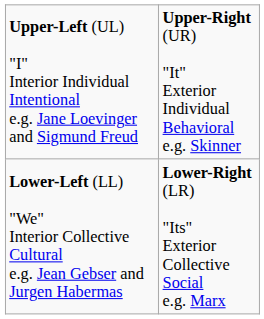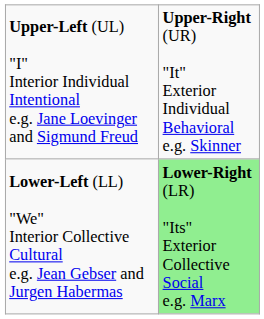 <table class="wikitable center"  style="float:right; width:250px;">
 <tr>
 <td><strong>Upper-Left</strong> (UL)<br><br>"I"<br> Interior Individual<br> <a href='#'>Intentional</a><br>e.g. <a href='#'>Jane Loevinger</a> and <a href='#'>Sigmund Freud</a></td>
 <td><strong>Upper-Right</strong> (UR)<br><br>"It"<br> Exterior Individual<br> <a href='#'>Behavioral</a><br>e.g. <a href='#'>Skinner</a></td>
 </tr>
 <tr>
 <td><strong>Lower-Left</strong> (LL)<br><br>"We"<br> Interior Collective<br> <a href='#'>Cultural</a><br>e.g. <a href='#'>Jean Gebser</a> and <a href='#'>Jurgen Habermas</a></td>
-<td><strong>Lower-Right</strong> (LR)<br><br>"Its"<br> Exterior Collective<br> <a href='#'>Social</a><br>e.g. <a href='#'>Marx</a></td>
+<td style="background: lightgreen;"><strong>Lower-Right</strong> (LR)<br><br>"Its"<br> Exterior Collective<br> <a href='#'>Social</a><br>e.g. <a href='#'>Marx</a></td>
 </tr>
 </table>
